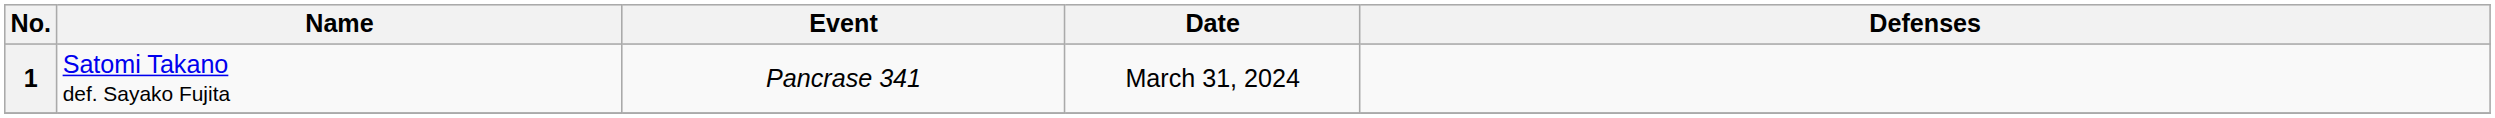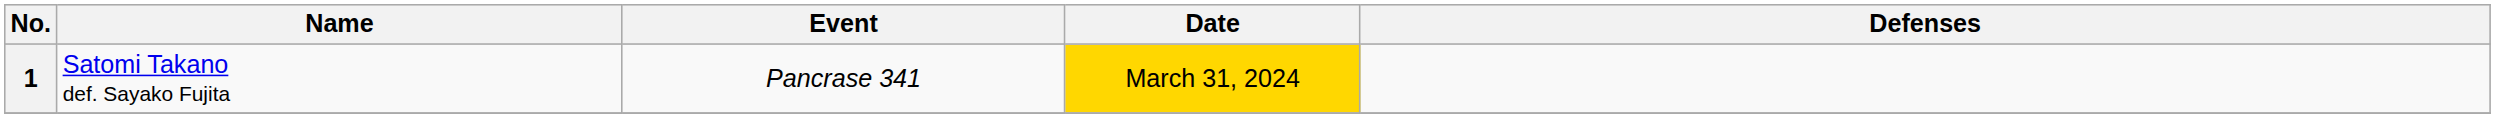 <table class="wikitable" width=100%>
 <tr>
 <th width=1%>No.</th>
 <th width=23%>Name</th>
 <th width=18%>Event</th>
 <th width=12%>Date</th>
 <th width=46%>Defenses</th>
 </tr>
 <tr>
 <th>1</th>
 <td align=left> <a href='#'>Satomi Takano</a><br><small>def. Sayako Fujita</small></td>
 <td align=center><em>Pancrase 341</em><br></td>
-<td align=center>March 31, 2024</td>
+<td align=center style="background: gold;">March 31, 2024</td>
 <td></td>
 </tr>
 <tr>
 </tr>
 </table>
